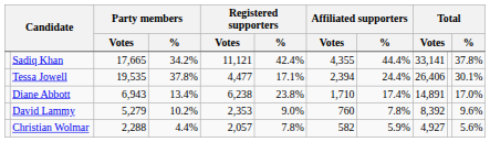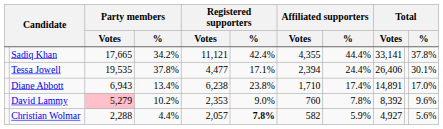 <table class="wikitable">
 <tr>
 <th colspan="2" scope="col" rowspan="2" width="125">Candidate</th>
 <th scope="col" colspan="2" width="150">Party members</th>
 <th scope="col" colspan="2" width="150">Registered supporters</th>
 <th scope="col" colspan="2" width="150">Affiliated supporters</th>
 <th scope="col" colspan="3" width="75">Total</th>
 </tr>
 <tr style="border-bottom: 2px solid gray;">
 <th>Votes</th>
 <th>%</th>
 <th>Votes</th>
 <th>%</th>
 <th>Votes</th>
 <th>%</th>
 <th scope="col" colspan="2">Votes</th>
 <th>%</th>
 </tr>
 <tr align="right">
 <td style="background-color: "></td>
 <td scope="row" align="left"><a href='#'>Sadiq Khan</a></td>
 <td>17,665</td>
 <td>34.2%</td>
 <td>11,121</td>
 <td>42.4%</td>
 <td>4,355</td>
 <td>44.4%</td>
 <td>33,141</td>
 <td align=center></td>
 <td>37.8%</td>
 </tr>
 <tr align="right">
 <td style="background-color: "></td>
 <td scope="row" align="left"><a href='#'>Tessa Jowell</a></td>
 <td>19,535</td>
 <td>37.8%</td>
 <td>4,477</td>
 <td>17.1%</td>
 <td>2,394</td>
 <td>24.4%</td>
 <td>26,406</td>
 <td align=center></td>
 <td>30.1%</td>
 </tr>
 <tr align="right">
 <td style="background-color: "></td>
 <td scope="row" align="left"><a href='#'>Diane Abbott</a></td>
 <td>6,943</td>
 <td>13.4%</td>
 <td>6,238</td>
 <td>23.8%</td>
 <td>1,710</td>
 <td>17.4%</td>
 <td>14,891</td>
 <td align=center></td>
 <td>17.0%</td>
 </tr>
 <tr align="right">
 <td style="background-color: "></td>
 <td scope="row" align="left"><a href='#'>David Lammy</a></td>
-<td>5,279</td>
+<td style="background: pink;">5,279</td>
 <td>10.2%</td>
 <td>2,353</td>
 <td>9.0%</td>
 <td>760</td>
 <td>7.8%</td>
 <td>8,392</td>
 <td align=center></td>
 <td>9.6%</td>
 </tr>
 <tr align="right">
 <td style="background-color: "></td>
 <td scope="row" align="left"><a href='#'>Christian Wolmar</a></td>
 <td>2,288</td>
 <td>4.4%</td>
 <td>2,057</td>
-<td>7.8%</td>
+<td><strong>7.8%</strong></td>
 <td>582</td>
 <td>5.9%</td>
 <td>4,927</td>
 <td align=center></td>
 <td>5.6%</td>
 </tr>
 </table>
